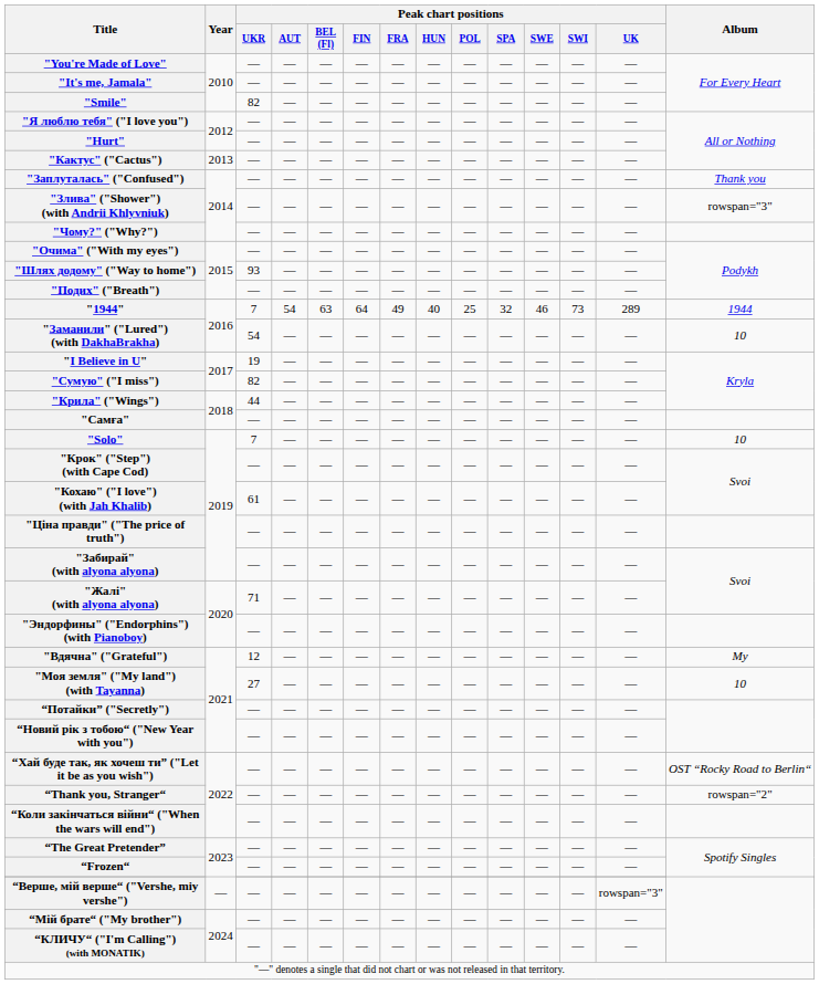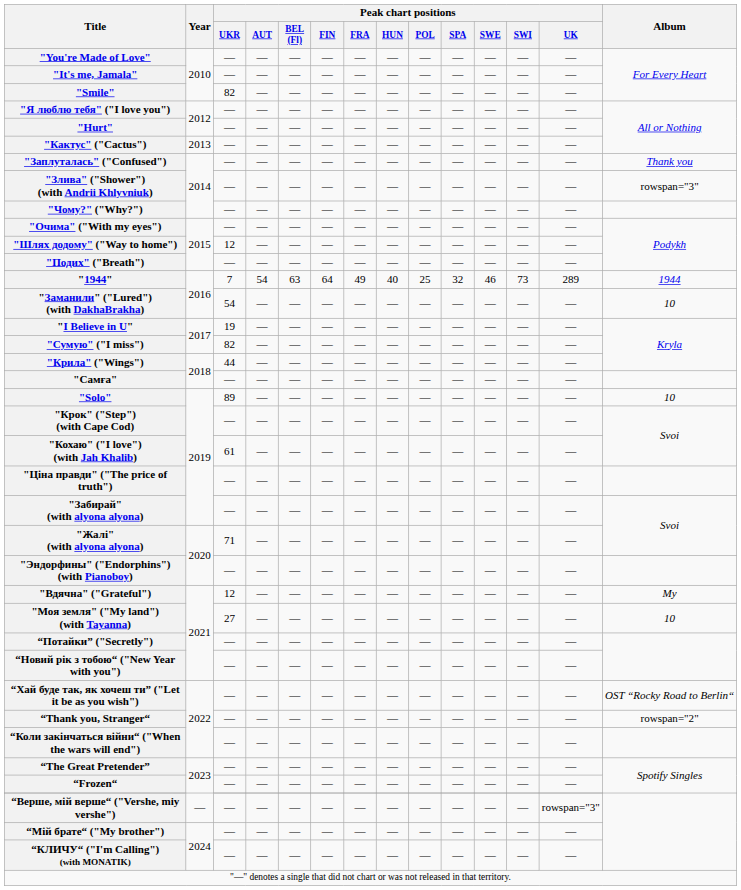 <table class="wikitable plainrowheaders" style="text-align:center;">
 <tr>
 <th scope="col" rowspan="2" style="width:16em;">Title</th>
 <th scope="col" rowspan="2" style="width:1em;">Year</th>
 <th scope="col" colspan="11">Peak chart positions</th>
 <th scope="col" rowspan="2">Album</th>
 </tr>
 <tr>
 <th scope="col" style="width:3em;font-size:85%;"><a href='#'>UKR</a><br></th>
 <th scope="col" style="width:3em;font-size:85%;"><a href='#'>AUT</a><br></th>
 <th scope="col" style="width:3em;font-size:85%;"><a href='#'>BEL<br>(Fl)</a><br></th>
 <th scope="col" style="width:3em;font-size:85%;"><a href='#'>FIN</a><br></th>
 <th scope="col" style="width:3em;font-size:85%;"><a href='#'>FRA</a><br></th>
 <th scope="col" style="width:3em;font-size:85%;"><a href='#'>HUN</a><br></th>
 <th scope="col" style="width:3em;font-size:85%;"><a href='#'>POL</a><br></th>
 <th scope="col" style="width:3em;font-size:85%;"><a href='#'>SPA</a><br></th>
 <th scope="col" style="width:3em;font-size:85%;"><a href='#'>SWE</a><br></th>
 <th scope="col" style="width:3em;font-size:85%;"><a href='#'>SWI</a><br></th>
 <th scope="col" style="width:3em;font-size:85%;"><a href='#'>UK</a><br></th>
 </tr>
 <tr>
 <th scope="row"><a href='#'>"You're Made of Love"</a></th>
 <td rowspan="3">2010</td>
 <td>—</td>
 <td>—</td>
 <td>—</td>
 <td>—</td>
 <td>—</td>
 <td>—</td>
 <td>—</td>
 <td>—</td>
 <td>—</td>
 <td>—</td>
 <td>—</td>
 <td rowspan="3"><em><a href='#'>For Every Heart</a></em></td>
 </tr>
 <tr>
 <th scope="row"><a href='#'>"It's me, Jamala"</a></th>
 <td>—</td>
 <td>—</td>
 <td>—</td>
 <td>—</td>
 <td>—</td>
 <td>—</td>
 <td>—</td>
 <td>—</td>
 <td>—</td>
 <td>—</td>
 <td>—</td>
 </tr>
 <tr>
 <th scope="row"><a href='#'>"Smile"</a></th>
 <td>82</td>
 <td>—</td>
 <td>—</td>
 <td>—</td>
 <td>—</td>
 <td>—</td>
 <td>—</td>
 <td>—</td>
 <td>—</td>
 <td>—</td>
 <td>—</td>
 </tr>
 <tr>
 <th scope="row"><a href='#'>"Я люблю тебя"</a> <span>("I love you")</span></th>
 <td rowspan="2">2012</td>
 <td>—</td>
 <td>—</td>
 <td>—</td>
 <td>—</td>
 <td>—</td>
 <td>—</td>
 <td>—</td>
 <td>—</td>
 <td>—</td>
 <td>—</td>
 <td>—</td>
 <td rowspan="3"><em><a href='#'>All or Nothing</a></em></td>
 </tr>
 <tr>
 <th scope="row"><a href='#'>"Hurt"</a></th>
 <td>—</td>
 <td>—</td>
 <td>—</td>
 <td>—</td>
 <td>—</td>
 <td>—</td>
 <td>—</td>
 <td>—</td>
 <td>—</td>
 <td>—</td>
 <td>—</td>
 </tr>
 <tr>
 <th scope="row"><a href='#'>"Кактус"</a> <span>("Cactus")</span></th>
 <td>2013</td>
 <td>—</td>
 <td>—</td>
 <td>—</td>
 <td>—</td>
 <td>—</td>
 <td>—</td>
 <td>—</td>
 <td>—</td>
 <td>—</td>
 <td>—</td>
 <td>—</td>
 </tr>
 <tr>
 <th scope="row"><a href='#'>"Заплуталась"</a> <span>("Confused")</span></th>
 <td rowspan="3">2014</td>
 <td>—</td>
 <td>—</td>
 <td>—</td>
 <td>—</td>
 <td>—</td>
 <td>—</td>
 <td>—</td>
 <td>—</td>
 <td>—</td>
 <td>—</td>
 <td>—</td>
 <td><em><a href='#'>Thank you</a></em></td>
 </tr>
 <tr>
 <th scope="row"><a href='#'>"Злива"</a> <span>("Shower")</span><br><span>(with <a href='#'>Andrii Khlyvniuk</a>)</span></th>
 <td>—</td>
 <td>—</td>
 <td>—</td>
 <td>—</td>
 <td>—</td>
 <td>—</td>
 <td>—</td>
 <td>—</td>
 <td>—</td>
 <td>—</td>
 <td>—</td>
 <td>rowspan="3" </td>
 </tr>
 <tr>
 <th scope="row"><a href='#'>"Чому?"</a> <span>("Why?")</span></th>
 <td>—</td>
 <td>—</td>
 <td>—</td>
 <td>—</td>
 <td>—</td>
 <td>—</td>
 <td>—</td>
 <td>—</td>
 <td>—</td>
 <td>—</td>
 <td>—</td>
 <td></td>
 </tr>
 <tr>
 <th scope="row"><a href='#'>"Очима"</a> <span>("With my eyes")</span></th>
 <td rowspan="3">2015</td>
 <td>—</td>
 <td>—</td>
 <td>—</td>
 <td>—</td>
 <td>—</td>
 <td>—</td>
 <td>—</td>
 <td>—</td>
 <td>—</td>
 <td>—</td>
 <td>—</td>
 <td rowspan="3"><em><a href='#'>Podykh</a></em></td>
 </tr>
 <tr>
 <th scope="row"><a href='#'>"Шлях додому"</a> <span>("Way to home")</span></th>
-<td>93</td>
+<td>12</td>
 <td>—</td>
 <td>—</td>
 <td>—</td>
 <td>—</td>
 <td>—</td>
 <td>—</td>
 <td>—</td>
 <td>—</td>
 <td>—</td>
 <td>—</td>
 </tr>
 <tr>
 <th scope="row"><a href='#'>"Подих"</a> <span>("Breath")</span></th>
 <td>—</td>
 <td>—</td>
 <td>—</td>
 <td>—</td>
 <td>—</td>
 <td>—</td>
 <td>—</td>
 <td>—</td>
 <td>—</td>
 <td>—</td>
 <td>—</td>
 </tr>
 <tr>
 <th scope="row">"<a href='#'>1944</a>"</th>
 <td rowspan="2">2016</td>
 <td>7</td>
 <td>54</td>
 <td>63</td>
 <td>64</td>
 <td>49</td>
 <td>40</td>
 <td>25</td>
 <td>32</td>
 <td>46</td>
 <td>73</td>
 <td>289</td>
 <td><em><a href='#'>1944</a></em></td>
 </tr>
 <tr>
 <th scope="row">"<a href='#'>Заманили</a>" <span>("Lured")</span><br><span>(with <a href='#'>DakhaBrakha</a>)</span></th>
 <td>54</td>
 <td>—</td>
 <td>—</td>
 <td>—</td>
 <td>—</td>
 <td>—</td>
 <td>—</td>
 <td>—</td>
 <td>—</td>
 <td>—</td>
 <td>—</td>
 <td><em>10</em></td>
 </tr>
 <tr>
 <th scope="row">"<a href='#'>I Believe in U</a>"</th>
 <td rowspan="2">2017</td>
 <td>19</td>
 <td>—</td>
 <td>—</td>
 <td>—</td>
 <td>—</td>
 <td>—</td>
 <td>—</td>
 <td>—</td>
 <td>—</td>
 <td>—</td>
 <td>—</td>
 <td rowspan="3"><em><a href='#'>Kryla</a></em></td>
 </tr>
 <tr>
 <th scope="row"><a href='#'>"Сумую"</a> <span>("I miss")</span></th>
 <td>82</td>
 <td>—</td>
 <td>—</td>
 <td>—</td>
 <td>—</td>
 <td>—</td>
 <td>—</td>
 <td>—</td>
 <td>—</td>
 <td>—</td>
 <td>—</td>
 </tr>
 <tr>
 <th scope="row"><a href='#'>"Крила"</a> <span>("Wings")</span></th>
 <td rowspan="2">2018</td>
 <td>44</td>
 <td>—</td>
 <td>—</td>
 <td>—</td>
 <td>—</td>
 <td>—</td>
 <td>—</td>
 <td>—</td>
 <td>—</td>
 <td>—</td>
 <td>—</td>
 </tr>
 <tr>
 <th scope="row">"Самға"</th>
 <td>—</td>
 <td>—</td>
 <td>—</td>
 <td>—</td>
 <td>—</td>
 <td>—</td>
 <td>—</td>
 <td>—</td>
 <td>—</td>
 <td>—</td>
 <td>—</td>
 <td></td>
 </tr>
 <tr>
 <th scope="row"><a href='#'>"Solo"</a></th>
 <td rowspan="5">2019</td>
-<td>7</td>
+<td>89</td>
 <td>—</td>
 <td>—</td>
 <td>—</td>
 <td>—</td>
 <td>—</td>
 <td>—</td>
 <td>—</td>
 <td>—</td>
 <td>—</td>
 <td>—</td>
 <td><em>10</em></td>
 </tr>
 <tr>
 <th scope="row">"Крок" <span>("Step")</span><br><span>(with Cape Cod)</span></th>
 <td>—</td>
 <td>—</td>
 <td>—</td>
 <td>—</td>
 <td>—</td>
 <td>—</td>
 <td>—</td>
 <td>—</td>
 <td>—</td>
 <td>—</td>
 <td>—</td>
 <td rowspan="2"><em>Svoi</em></td>
 </tr>
 <tr>
 <th scope="row">"Кохаю" <span>("I love")</span><br><span>(with <a href='#'>Jah Khalib</a>)</span></th>
 <td>61</td>
 <td>—</td>
 <td>—</td>
 <td>—</td>
 <td>—</td>
 <td>—</td>
 <td>—</td>
 <td>—</td>
 <td>—</td>
 <td>—</td>
 <td>—</td>
 </tr>
 <tr>
 <th scope="row">"Ціна правди" <span>("The price of truth")</span></th>
 <td>—</td>
 <td>—</td>
 <td>—</td>
 <td>—</td>
 <td>—</td>
 <td>—</td>
 <td>—</td>
 <td>—</td>
 <td>—</td>
 <td>—</td>
 <td>—</td>
 <td></td>
 </tr>
 <tr>
 <th scope="row">"Забирай" <br><span>(with <a href='#'>alyona alyona</a>)</span></th>
 <td>—</td>
 <td>—</td>
 <td>—</td>
 <td>—</td>
 <td>—</td>
 <td>—</td>
 <td>—</td>
 <td>—</td>
 <td>—</td>
 <td>—</td>
 <td>—</td>
 <td rowspan="2"><em>Svoi</em></td>
 </tr>
 <tr>
 <th scope="row">"Жалі" <br><span>(with <a href='#'>alyona alyona</a>)</span></th>
 <td rowspan="2">2020</td>
 <td>71</td>
 <td>—</td>
 <td>—</td>
 <td>—</td>
 <td>—</td>
 <td>—</td>
 <td>—</td>
 <td>—</td>
 <td>—</td>
 <td>—</td>
 <td>—</td>
 </tr>
 <tr>
 <th scope="row">"Эндорфины" <span>("Endorphins")</span><br><span>(with <a href='#'>Pianoboy</a>)</span></th>
 <td>—</td>
 <td>—</td>
 <td>—</td>
 <td>—</td>
 <td>—</td>
 <td>—</td>
 <td>—</td>
 <td>—</td>
 <td>—</td>
 <td>—</td>
 <td>—</td>
 <td></td>
 </tr>
 <tr>
 <th scope="row">"Вдячна" <span>("Grateful")</span></th>
 <td rowspan="4">2021</td>
 <td>12</td>
 <td>—</td>
 <td>—</td>
 <td>—</td>
 <td>—</td>
 <td>—</td>
 <td>—</td>
 <td>—</td>
 <td>—</td>
 <td>—</td>
 <td>—</td>
 <td><em>My</em></td>
 </tr>
 <tr>
 <th scope="row">"Моя земля" <span>("My land")</span><br><span>(with <a href='#'>Tayanna</a>)</span></th>
 <td>27</td>
 <td>—</td>
 <td>—</td>
 <td>—</td>
 <td>—</td>
 <td>—</td>
 <td>—</td>
 <td>—</td>
 <td>—</td>
 <td>—</td>
 <td>—</td>
 <td><em>10</em></td>
 </tr>
 <tr>
 <th scope="row">“Потайки” <span>("Secretly")</span></th>
 <td>—</td>
 <td>—</td>
 <td>—</td>
 <td>—</td>
 <td>—</td>
 <td>—</td>
 <td>—</td>
 <td>—</td>
 <td>—</td>
 <td>—</td>
 <td>—</td>
 </tr>
 <tr>
 <th scope="row">“Новий рік з тобою“ <span>("New Year with you")</span></th>
 <td>—</td>
 <td>—</td>
 <td>—</td>
 <td>—</td>
 <td>—</td>
 <td>—</td>
 <td>—</td>
 <td>—</td>
 <td>—</td>
 <td>—</td>
 <td>—</td>
 </tr>
 <tr>
 <th scope="row">“Хай буде так, як хочеш ти” <span>("Let it be as you wish")</span></th>
 <td rowspan="3">2022</td>
 <td>—</td>
 <td>—</td>
 <td>—</td>
 <td>—</td>
 <td>—</td>
 <td>—</td>
 <td>—</td>
 <td>—</td>
 <td>—</td>
 <td>—</td>
 <td>—</td>
 <td><em>OST “Rocky Road to Berlin“</em></td>
 </tr>
 <tr>
 <th scope="row">“Thank you, Stranger“</th>
 <td>—</td>
 <td>—</td>
 <td>—</td>
 <td>—</td>
 <td>—</td>
 <td>—</td>
 <td>—</td>
 <td>—</td>
 <td>—</td>
 <td>—</td>
 <td>—</td>
 <td>rowspan="2" </td>
 </tr>
 <tr>
 <th scope="row">“Коли закінчаться війни“ <span>("When the wars will end")</span></th>
 <td>—</td>
 <td>—</td>
 <td>—</td>
 <td>—</td>
 <td>—</td>
 <td>—</td>
 <td>—</td>
 <td>—</td>
 <td>—</td>
 <td>—</td>
 <td>—</td>
 </tr>
 <tr>
 <th scope="row">“The Great Pretender”</th>
 <td rowspan="3">2023</td>
 <td>—</td>
 <td>—</td>
 <td>—</td>
 <td>—</td>
 <td>—</td>
 <td>—</td>
 <td>—</td>
 <td>—</td>
 <td>—</td>
 <td>—</td>
 <td>—</td>
 <td rowspan="2"><em>Spotify Singles</em></td>
 </tr>
 <tr>
 <th scope="row">“Frozen“</th>
 <td>—</td>
 <td>—</td>
 <td>—</td>
 <td>—</td>
 <td>—</td>
 <td>—</td>
 <td>—</td>
 <td>—</td>
 <td>—</td>
 <td>—</td>
 <td>—</td>
 </tr>
 <tr>
 </tr>
 <tr>
 <th scope="row">“Верше, мій верше“ <span>("Vershe, miy vershe")</span></th>
 <td>—</td>
 <td>—</td>
 <td>—</td>
 <td>—</td>
 <td>—</td>
 <td>—</td>
 <td>—</td>
 <td>—</td>
 <td>—</td>
 <td>—</td>
 <td>—</td>
 <td>rowspan="3" </td>
 </tr>
 <tr>
 <th scope="row">“Мій брате“ <span>("My brother")</span></th>
 <td rowspan="2">2024</td>
 <td>—</td>
 <td>—</td>
 <td>—</td>
 <td>—</td>
 <td>—</td>
 <td>—</td>
 <td>—</td>
 <td>—</td>
 <td>—</td>
 <td>—</td>
 <td>—</td>
 </tr>
 <tr>
 <th scope="row">“КЛИЧУ“ <span>("I'm Calling")</span> <br><small>(with MONATIK)</small></th>
 <td>—</td>
 <td>—</td>
 <td>—</td>
 <td>—</td>
 <td>—</td>
 <td>—</td>
 <td>—</td>
 <td>—</td>
 <td>—</td>
 <td>—</td>
 <td>—</td>
 </tr>
 <tr>
 <td colspan="18" style="font-size:85%">"—" denotes a single that did not chart or was not released in that territory.</td>
 </tr>
 </table>
